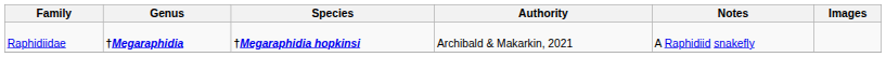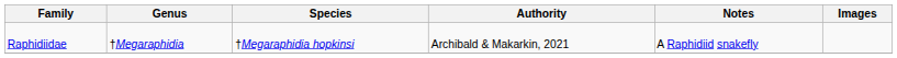 <table class="wikitable sortable"  style="margin:auto; width:100%;">
 <tr>
 <th>Family</th>
 <th>Genus</th>
 <th>Species</th>
 <th>Authority</th>
 <th>Notes</th>
 <th>Images</th>
 </tr>
 <tr>
 <td><br><a href='#'>Raphidiidae</a></td>
-<td><strong><br>†<em><a href='#'>Megaraphidia</a></em></strong></td>
-<td><strong><br>†<em><a href='#'>Megaraphidia hopkinsi</a></em></strong></td>
+<td><br>†<em><a href='#'>Megaraphidia</a></em></td>
+<td><br>†<em><a href='#'>Megaraphidia hopkinsi</a></em></td>
 <td><br>Archibald & Makarkin, 2021</td>
 <td><br>A <a href='#'>Raphidiid</a> <a href='#'>snakefly</a></td>
 <td></td>
 </tr>
 <tr>
 </tr>
 </table>
